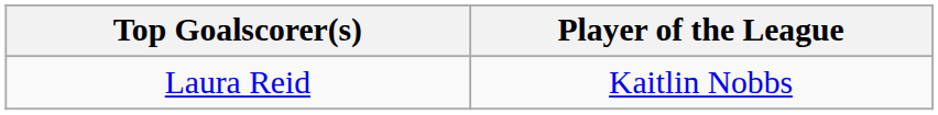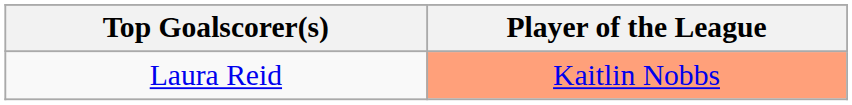 <table class=wikitable style="margin:auto; text-align:center">
 <tr>
 <th style="width: 220px;">Top Goalscorer(s)</th>
 <th style="width: 220px;">Player of the League</th>
 </tr>
 <tr>
 <td> <a href='#'>Laura Reid</a></td>
-<td> <a href='#'>Kaitlin Nobbs</a></td>
+<td style="background: lightsalmon;"> <a href='#'>Kaitlin Nobbs</a></td>
 </tr>
 </table>
